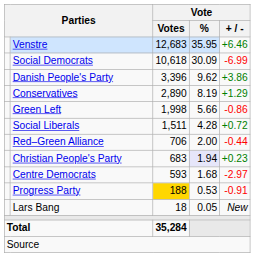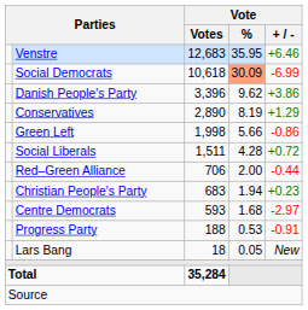 <table class="wikitable" style="text-align:right;">
 <tr>
 <th style="text-align:centre;" rowspan="2" colspan="2" width="225">Parties</th>
 <th colspan="3">Vote</th>
 </tr>
 <tr>
 <th width="15">Votes</th>
 <th width="15">%</th>
 <th width="15">+ / -</th>
 </tr>
 <tr>
 <td width="2" style="color:inherit;background:"></td>
 <td bgcolor=#cfe5fe  align="left"><a href='#'>Venstre</a></td>
 <td bgcolor=#cfe5fe>12,683</td>
 <td bgcolor=#cfe5fe>35.95</td>
 <td style=color:green;>+6.46</td>
 </tr>
 <tr>
 <td width="2" style="color:inherit;background:"></td>
 <td align="left"><a href='#'>Social Democrats</a></td>
 <td>10,618</td>
-<td>30.09</td>
+<td style="background: lightsalmon;">30.09</td>
 <td style=color:red;>-6.99</td>
 </tr>
 <tr>
 <td width="2" style="color:inherit;background:"></td>
 <td align="left"><a href='#'>Danish People's Party</a></td>
 <td>3,396</td>
 <td>9.62</td>
 <td style=color:green;>+3.86</td>
 </tr>
 <tr>
 <td width="2" style="color:inherit;background:"></td>
 <td align="left"><a href='#'>Conservatives</a></td>
 <td>2,890</td>
 <td>8.19</td>
 <td style=color:green;>+1.29</td>
 </tr>
 <tr>
 <td width="2" style="color:inherit;background:"></td>
 <td align="left"><a href='#'>Green Left</a></td>
 <td>1,998</td>
 <td>5.66</td>
 <td style=color:red;>-0.86</td>
 </tr>
 <tr>
 <td width="2" style="color:inherit;background:"></td>
 <td align="left"><a href='#'>Social Liberals</a></td>
 <td>1,511</td>
 <td>4.28</td>
 <td style=color:green;>+0.72</td>
 </tr>
 <tr>
 <td width="2" style="color:inherit;background:"></td>
 <td align="left"><a href='#'>Red–Green Alliance</a></td>
 <td>706</td>
 <td>2.00</td>
 <td style=color:red;>-0.44</td>
 </tr>
 <tr>
 <td width="2" style="color:inherit;background:"></td>
 <td align="left"><a href='#'>Christian People's Party</a></td>
 <td>683</td>
-<td style="background: lavender;">1.94</td>
+<td>1.94</td>
 <td style=color:green;>+0.23</td>
 </tr>
 <tr>
 <td width="2" style="color:inherit;background:"></td>
 <td align="left"><a href='#'>Centre Democrats</a></td>
 <td>593</td>
 <td>1.68</td>
 <td style=color:red;>-2.97</td>
 </tr>
 <tr>
 <td width="2" style="color:inherit;background:"></td>
 <td align="left"><a href='#'>Progress Party</a></td>
-<td style="background: gold;">188</td>
+<td>188</td>
 <td>0.53</td>
 <td style=color:red;>-0.91</td>
 </tr>
 <tr>
 <td width="2" style="color:inherit;background:"></td>
 <td align="left">Lars Bang</td>
 <td>18</td>
 <td>0.05</td>
 <td><em>New</em></td>
 </tr>
 <tr>
 <td colspan="7" bgcolor="#E9E9E9"></td>
 </tr>
 <tr>
 <td align="left" colspan="2"><strong>Total</strong></td>
 <td><strong>35,284</strong></td>
 <td bgcolor="#E9E9E9" colspan="2"></td>
 </tr>
 <tr>
 <td align="left" colspan="6">Source</td>
 </tr>
 </table>
